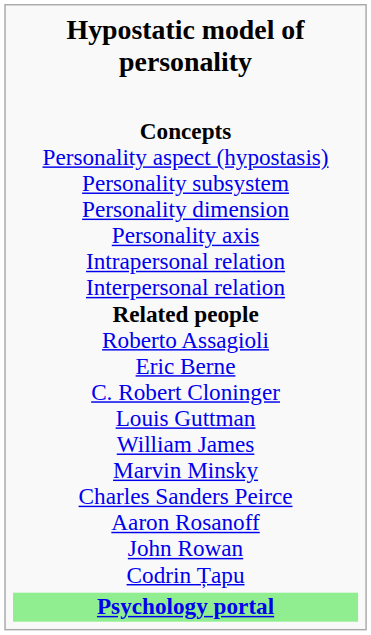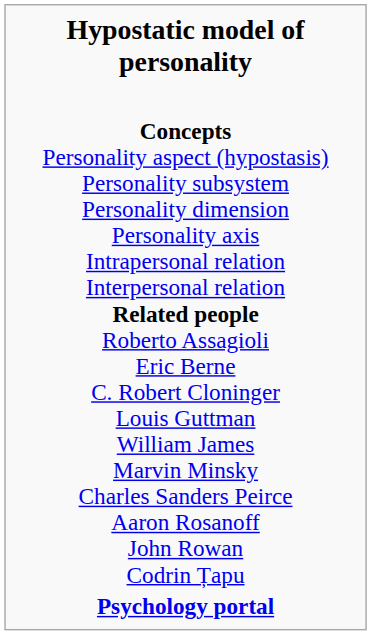 <table class="infobox" style="text-align:center; width:250px;">
 <tr>
 <td colspan="2"><big><strong>Hypostatic model of personality</strong></big></td>
 </tr>
 <tr>
 </tr>
 <tr>
 <td></td>
 </tr>
 <tr>
 <td style="font-size:100%"><br><strong>Concepts</strong><br> <a href='#'>Personality aspect (hypostasis)</a><br> <a href='#'>Personality subsystem</a> <br> <a href='#'>Personality dimension</a> <br> <a href='#'>Personality axis</a> <br> <a href='#'>Intrapersonal relation</a> <br> <a href='#'>Interpersonal relation</a><br><strong>Related people</strong><br> <a href='#'>Roberto Assagioli</a> <br>  <a href='#'>Eric Berne</a> <br> <a href='#'>C. Robert Cloninger</a> <br> <a href='#'>Louis Guttman</a> <br> <a href='#'>William James</a> <br> <a href='#'>Marvin Minsky</a> <br> <a href='#'>Charles Sanders Peirce</a> <br> <a href='#'>Aaron Rosanoff</a> <br> <a href='#'>John Rowan</a> <br> <a href='#'>Codrin Țapu</a></td>
 </tr>
 <tr>
-<td style="background: lightgreen;"><strong><a href='#'>Psychology portal</a></strong></td>
+<td><strong><a href='#'>Psychology portal</a></strong></td>
 </tr>
 </table>
